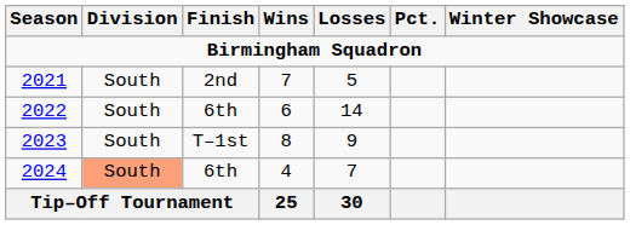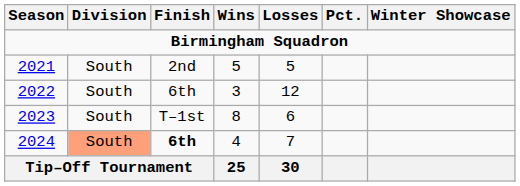 <table class="wikitable" style="font-size:95%; text-align:center">
 <tr>
 <th>Season</th>
 <th>Division</th>
 <th>Finish</th>
 <th>Wins</th>
 <th>Losses</th>
 <th>Pct.</th>
 <th>Winter Showcase</th>
 </tr>
 <tr>
 <td colspan=12 align=center><strong>Birmingham Squadron</strong></td>
 </tr>
 <tr>
 <td><a href='#'>2021</a></td>
 <td>South</td>
 <td>2nd</td>
-<td>7</td>
+<td>5</td>
 <td>5</td>
 <td></td>
 <td></td>
 </tr>
 <tr>
 <td><a href='#'>2022</a></td>
 <td>South</td>
 <td>6th</td>
-<td>6</td>
-<td>14</td>
+<td>3</td>
+<td>12</td>
 <td></td>
 <td></td>
 </tr>
 <tr>
 <td><a href='#'>2023</a></td>
 <td>South</td>
 <td>T–1st</td>
 <td>8</td>
-<td>9</td>
+<td>6</td>
 <td></td>
 <td></td>
 </tr>
 <tr>
 <td><a href='#'>2024</a></td>
 <td style="background: lightsalmon;">South</td>
-<td>6th</td>
+<td><strong>6th</strong></td>
 <td>4</td>
 <td>7</td>
 <td></td>
 <td></td>
 </tr>
 <tr>
 <th colspan=3>Tip–Off Tournament</th>
 <th>25</th>
 <th>30</th>
 <th></th>
 <th></th>
 </tr>
 </table>
